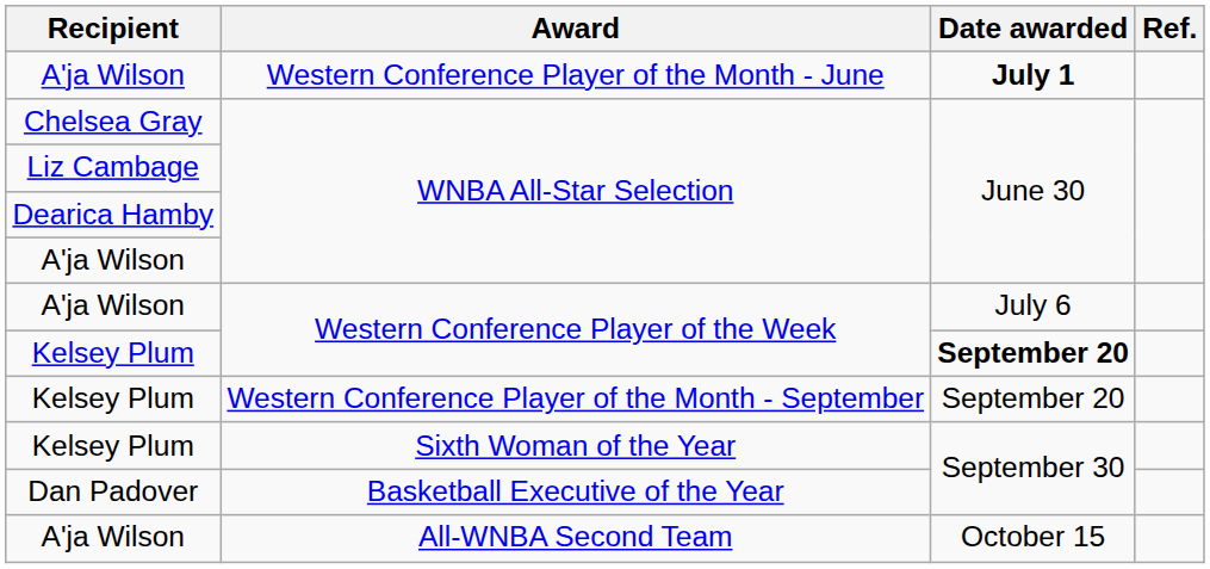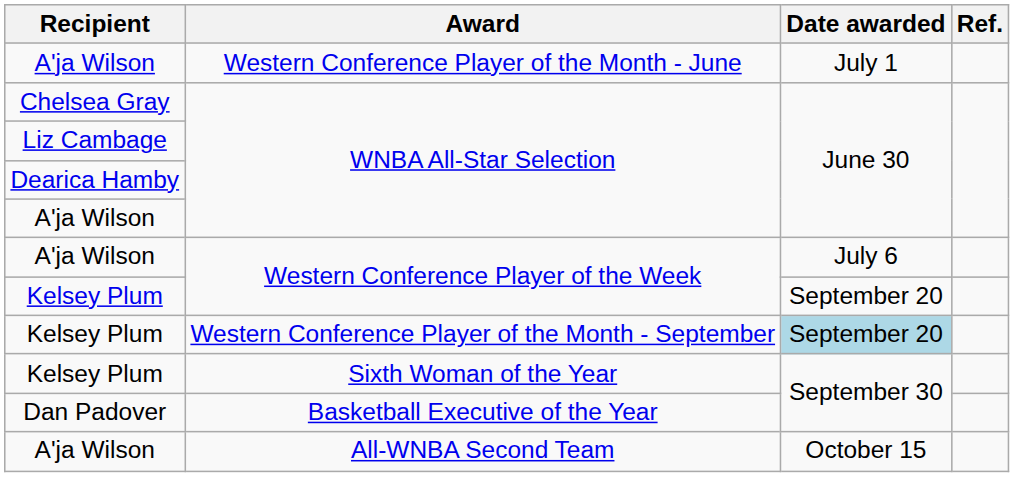 <table class="wikitable sortable sortable" style="text-align: center">
 <tr>
 <th>Recipient</th>
 <th>Award</th>
 <th>Date awarded</th>
 <th>Ref.</th>
 </tr>
 <tr>
 <td><a href='#'>A'ja Wilson</a></td>
 <td><a href='#'>Western Conference Player of the Month - June</a></td>
-<td><strong>July 1</strong></td>
+<td>July 1</td>
 <td></td>
 </tr>
 <tr>
 <td><a href='#'>Chelsea Gray</a></td>
 <td rowspan=4><a href='#'>WNBA All-Star Selection</a></td>
 <td rowspan=4>June 30</td>
 <td rowspan=4></td>
 </tr>
 <tr>
 <td><a href='#'>Liz Cambage</a></td>
 </tr>
 <tr>
 <td><a href='#'>Dearica Hamby</a></td>
 </tr>
 <tr>
 <td>A'ja Wilson</td>
 </tr>
 <tr>
 <td>A'ja Wilson</td>
 <td rowspan=2><a href='#'>Western Conference Player of the Week</a></td>
 <td>July 6</td>
 <td></td>
 </tr>
 <tr>
 <td><a href='#'>Kelsey Plum</a></td>
-<td><strong>September 20</strong></td>
+<td>September 20</td>
 <td></td>
 </tr>
 <tr>
 <td>Kelsey Plum</td>
 <td><a href='#'>Western Conference Player of the Month - September</a></td>
-<td>September 20</td>
+<td style="background: lightblue;">September 20</td>
 <td></td>
 </tr>
 <tr>
 <td>Kelsey Plum</td>
 <td><a href='#'>Sixth Woman of the Year</a></td>
 <td rowspan=2>September 30</td>
 <td></td>
 </tr>
 <tr>
 <td>Dan Padover</td>
 <td><a href='#'>Basketball Executive of the Year</a></td>
 <td></td>
 </tr>
 <tr>
 <td>A'ja Wilson</td>
 <td><a href='#'>All-WNBA Second Team</a></td>
 <td>October 15</td>
 <td></td>
 </tr>
 </table>
